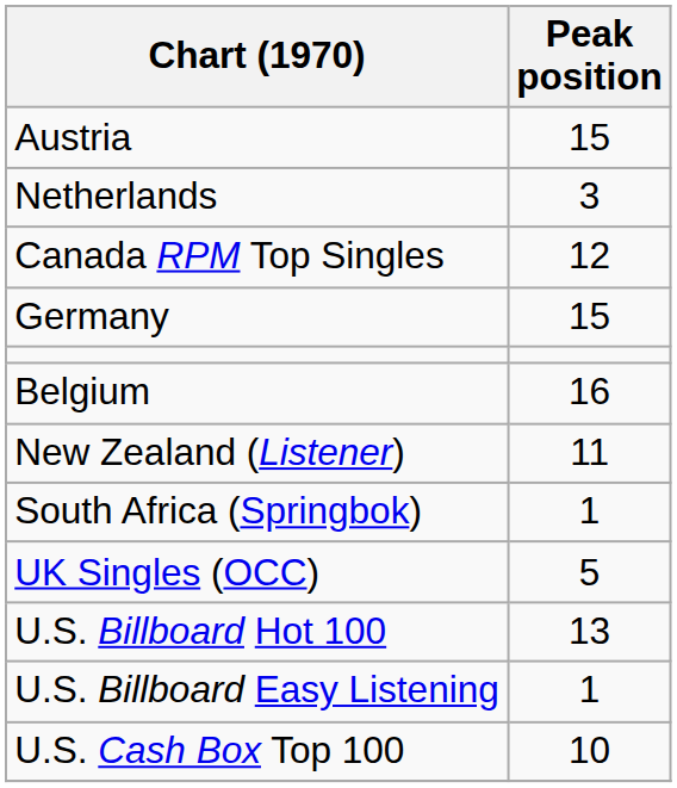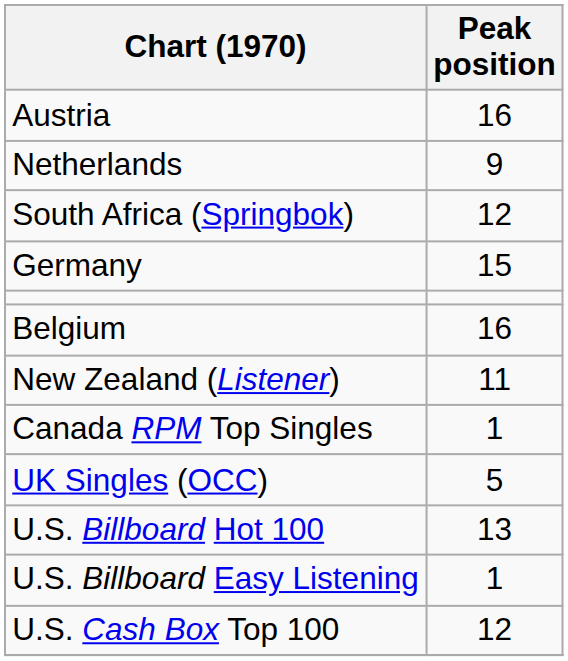 <table class="wikitable sortable">
 <tr>
 <th>Chart (1970)</th>
 <th>Peak<br>position</th>
 </tr>
 <tr>
 <td>Austria</td>
-<td style="text-align:center;">15</td>
+<td style="text-align:center;">16</td>
 </tr>
 <tr>
 <td>Netherlands</td>
-<td style="text-align:center;">3</td>
+<td style="text-align:center;">9</td>
 </tr>
 <tr>
-<td>Canada <em><a href='#'>RPM</a></em> Top Singles</td>
+<td>South Africa (<a href='#'>Springbok</a>)</td>
 <td style="text-align:center;">12</td>
 </tr>
 <tr>
 <td>Germany</td>
 <td style="text-align:center;">15</td>
 </tr>
 <tr>
 <td></td>
 </tr>
 <tr>
 <td>Belgium</td>
 <td style="text-align:center;">16</td>
 </tr>
 <tr>
 <td>New Zealand (<em><a href='#'>Listener</a></em>)</td>
 <td style="text-align:center;">11</td>
 </tr>
 <tr>
-<td>South Africa (<a href='#'>Springbok</a>)</td>
+<td>Canada <em><a href='#'>RPM</a></em> Top Singles</td>
 <td align="center">1</td>
 </tr>
 <tr>
 <td><a href='#'>UK Singles</a> (<a href='#'>OCC</a>)</td>
 <td style="text-align:center;">5</td>
 </tr>
 <tr>
 <td>U.S. <em><a href='#'>Billboard</a></em> <a href='#'>Hot 100</a></td>
 <td style="text-align:center;">13</td>
 </tr>
 <tr>
 <td>U.S. <em>Billboard</em> <a href='#'>Easy Listening</a></td>
 <td style="text-align:center;">1</td>
 </tr>
 <tr>
 <td>U.S. <a href='#'><em>Cash Box</em></a> Top 100</td>
-<td align="center">10</td>
+<td align="center">12</td>
 </tr>
 <tr>
 </tr>
 </table>
